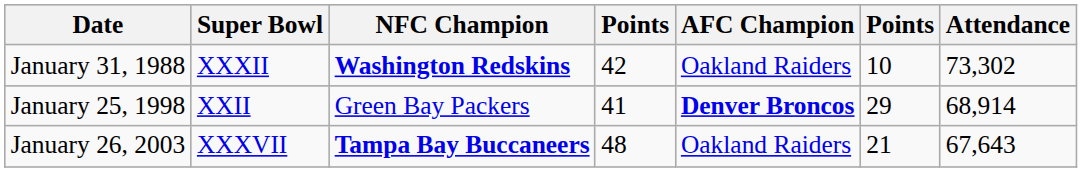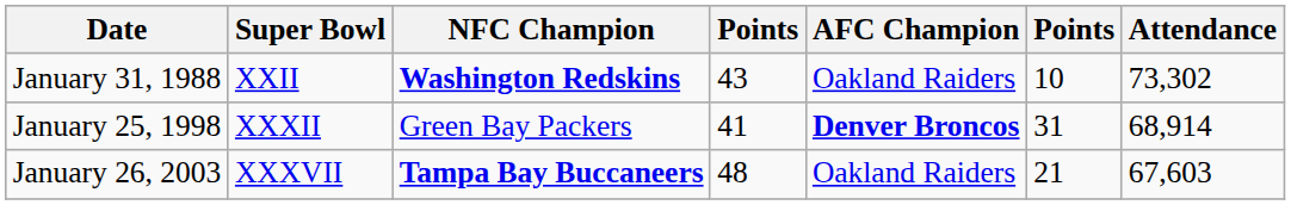 <table class="wikitable" style=font-size:100% style="text-align:center">
 <tr>
 <th style="text-align:center;">Date</th>
 <th style="text-align:center;">Super Bowl</th>
 <th style="text-align:center;">NFC Champion</th>
 <th style="text-align:center;">Points</th>
 <th style="text-align:center;">AFC Champion</th>
 <th style="text-align:center;">Points</th>
 <th style="text-align:center;">Attendance</th>
 </tr>
 <tr>
 <td>January 31, 1988</td>
-<td><a href='#'>XXXII</a></td>
+<td><a href='#'>XXII</a></td>
 <td><strong><a href='#'>Washington Redskins</a></strong></td>
-<td>42</td>
+<td>43</td>
 <td><a href='#'>Oakland Raiders</a></td>
 <td>10</td>
 <td>73,302</td>
 </tr>
 <tr>
 <td>January 25, 1998</td>
-<td><a href='#'>XXII</a></td>
+<td><a href='#'>XXXII</a></td>
 <td><a href='#'>Green Bay Packers</a></td>
 <td>41</td>
 <td><strong><a href='#'>Denver Broncos</a></strong></td>
-<td>29</td>
+<td>31</td>
 <td>68,914</td>
 </tr>
 <tr>
 <td>January 26, 2003</td>
 <td><a href='#'>XXXVII</a></td>
 <td><strong><a href='#'>Tampa Bay Buccaneers</a></strong></td>
 <td>48</td>
 <td><a href='#'>Oakland Raiders</a></td>
 <td>21</td>
-<td>67,643</td>
+<td>67,603</td>
 </tr>
 </table>
